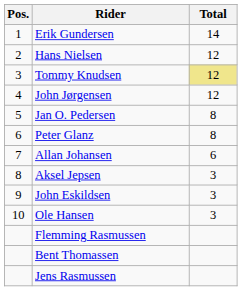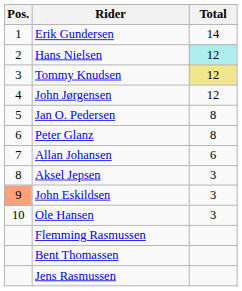 <table class=wikitable style="font-size:93%;">
 <tr>
 <th width=25px>Pos.</th>
 <th width=180px>Rider</th>
 <th width=50px>Total</th>
 </tr>
 <tr align=center>
 <td>1</td>
 <td align=left><a href='#'>Erik Gundersen</a></td>
 <td>14</td>
 </tr>
 <tr align=center>
 <td>2</td>
 <td align=left><a href='#'>Hans Nielsen</a></td>
-<td>12</td>
+<td style="background: paleturquoise;">12</td>
 </tr>
 <tr align=center>
 <td>3</td>
 <td align=left><a href='#'>Tommy Knudsen</a></td>
 <td style="background: khaki;">12</td>
 </tr>
 <tr align=center>
 <td>4</td>
 <td align=left><a href='#'>John Jørgensen</a></td>
 <td>12</td>
 </tr>
 <tr align=center>
 <td>5</td>
 <td align=left><a href='#'>Jan O. Pedersen</a></td>
 <td>8</td>
 </tr>
 <tr align=center>
 <td>6</td>
 <td align=left><a href='#'>Peter Glanz</a></td>
 <td>8</td>
 </tr>
 <tr align=center>
 <td>7</td>
 <td align=left><a href='#'>Allan Johansen</a></td>
 <td>6</td>
 </tr>
 <tr align=center>
 <td>8</td>
 <td align=left><a href='#'>Aksel Jepsen</a></td>
 <td>3</td>
 </tr>
 <tr align=center>
-<td>9</td>
+<td style="background: lightsalmon;">9</td>
 <td align=left><a href='#'>John Eskildsen</a></td>
 <td>3</td>
 </tr>
 <tr align=center>
 <td>10</td>
 <td align=left><a href='#'>Ole Hansen</a></td>
 <td>3</td>
 </tr>
 <tr align=center>
 <td></td>
 <td align=left><a href='#'>Flemming Rasmussen</a></td>
 <td></td>
 </tr>
 <tr align=center>
 <td></td>
 <td align=left><a href='#'>Bent Thomassen</a></td>
 <td></td>
 </tr>
 <tr align=center>
 <td></td>
 <td align=left><a href='#'>Jens Rasmussen</a></td>
 </tr>
 </table>
